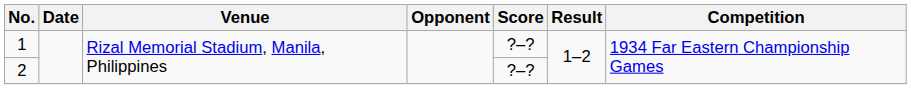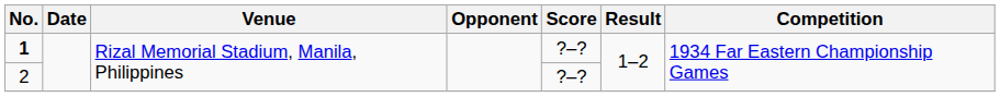 <table class="wikitable sortable">
 <tr>
 <th scope="col">No.</th>
 <th scope="col">Date</th>
 <th scope="col">Venue</th>
 <th scope="col">Opponent</th>
 <th scope="col">Score</th>
 <th scope="col">Result</th>
 <th scope="col">Competition</th>
 </tr>
 <tr>
-<td align="center">1</td>
+<td align="center"><strong>1</strong></td>
 <td rowspan="2"></td>
 <td rowspan="2"><a href='#'>Rizal Memorial Stadium</a>, <a href='#'>Manila</a>, Philippines</td>
 <td rowspan="2"></td>
 <td align="center">?–?</td>
 <td align="center" rowspan="2">1–2</td>
 <td rowspan="2"><a href='#'>1934 Far Eastern Championship Games</a></td>
 </tr>
 <tr>
 <td align="center">2</td>
 <td align=center>?–?</td>
 </tr>
 <tr>
 </tr>
 </table>
